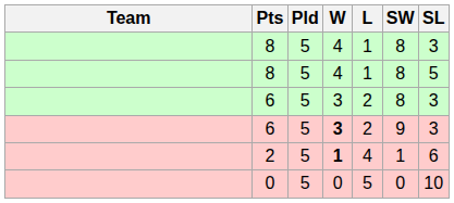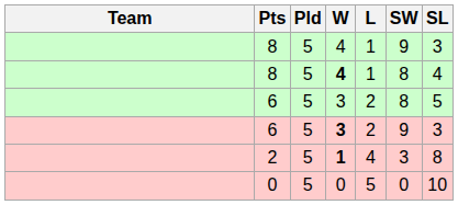 <table class=wikitable style="text-align:center">
 <tr>
 <th width=220>Team</th>
 <th width=20>Pts</th>
 <th width=20>Pld</th>
 <th width=20>W</th>
 <th width=20>L</th>
 <th width=20>SW</th>
 <th width=20>SL</th>
 </tr>
 <tr style="background:#cfc;">
 <td align=left></td>
 <td>8</td>
 <td>5</td>
 <td>4</td>
 <td>1</td>
-<td>8</td>
+<td>9</td>
 <td>3</td>
 </tr>
 <tr style="background:#cfc;">
 <td align=left></td>
 <td>8</td>
 <td>5</td>
-<td>4</td>
+<td><strong>4</strong></td>
 <td>1</td>
 <td>8</td>
-<td>5</td>
+<td>4</td>
 </tr>
 <tr style="background:#cfc;">
 <td align=left></td>
 <td>6</td>
 <td>5</td>
 <td>3</td>
 <td>2</td>
 <td>8</td>
-<td>3</td>
+<td>5</td>
 </tr>
 <tr style="background:#fcc;">
 <td align=left></td>
 <td>6</td>
 <td>5</td>
 <td><strong>3</strong></td>
 <td>2</td>
 <td>9</td>
 <td>3</td>
 </tr>
 <tr style="background:#fcc;">
 <td align=left></td>
 <td>2</td>
 <td>5</td>
 <td><strong>1</strong></td>
 <td>4</td>
-<td>1</td>
-<td>6</td>
+<td>3</td>
+<td>8</td>
 </tr>
 <tr style="background:#fcc;">
 <td align=left></td>
 <td>0</td>
 <td>5</td>
 <td>0</td>
 <td>5</td>
 <td>0</td>
 <td>10</td>
 </tr>
 <tr>
 </tr>
 </table>
